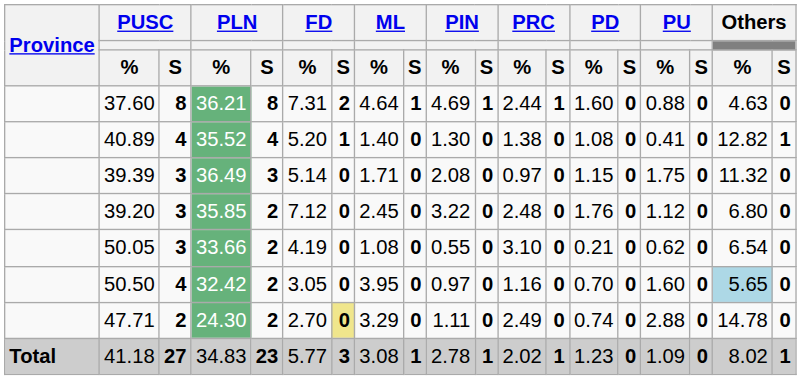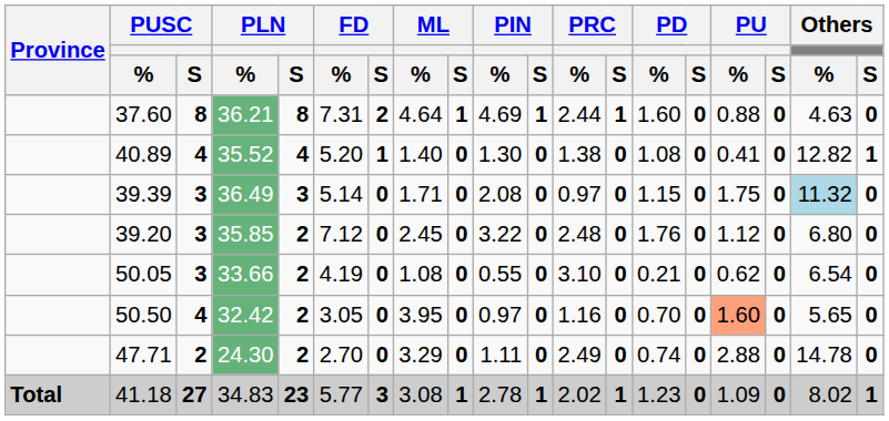 <table class="wikitable sortable" style="text-align:right; font-size:95%; line-height:20px;">
 <tr>
 <th rowspan="3"><a href='#'>Province</a></th>
 <th colspan="2" width="30px"><a href='#'>PUSC</a></th>
 <th colspan="2" width="30px"><a href='#'>PLN</a></th>
 <th colspan="2" width="30px"><a href='#'>FD</a></th>
 <th colspan="2" width="30px"><a href='#'>ML</a></th>
 <th colspan="2" width="30px"><a href='#'>PIN</a></th>
 <th colspan="2" width="30px"><a href='#'>PRC</a></th>
 <th colspan="2" width="30px"><a href='#'>PD</a></th>
 <th colspan="2" width="30px"><a href='#'>PU</a></th>
 <th colspan="2" width="30px">Others</th>
 </tr>
 <tr>
 <th colspan="2" style="background:"></th>
 <th colspan="2" style="background:"></th>
 <th colspan="2" style="background:"></th>
 <th colspan="2" style="background:"></th>
 <th colspan="2" style="background:"></th>
 <th colspan="2" style="background:"></th>
 <th colspan="2" style="background:"></th>
 <th colspan="2" style="background:"></th>
 <th colspan="2" style="background:grey"></th>
 </tr>
 <tr>
 <th data-sort-type="number">%</th>
 <th data-sort-type="number">S</th>
 <th data-sort-type="number">%</th>
 <th data-sort-type="number">S</th>
 <th data-sort-type="number">%</th>
 <th data-sort-type="number">S</th>
 <th data-sort-type="number">%</th>
 <th data-sort-type="number">S</th>
 <th data-sort-type="number">%</th>
 <th data-sort-type="number">S</th>
 <th data-sort-type="number">%</th>
 <th data-sort-type="number">S</th>
 <th data-sort-type="number">%</th>
 <th data-sort-type="number">S</th>
 <th data-sort-type="number">%</th>
 <th data-sort-type="number">S</th>
 <th data-sort-type="number">%</th>
 <th data-sort-type="number">S</th>
 </tr>
 <tr>
 <td align="left"></td>
 <td style="background:">37.60</td>
 <td><strong>8</strong></td>
 <td style="background:#66B27B; color:white;">36.21</td>
 <td><strong>8</strong></td>
 <td>7.31</td>
 <td><strong>2</strong></td>
 <td>4.64</td>
 <td><strong>1</strong></td>
 <td>4.69</td>
 <td><strong>1</strong></td>
 <td>2.44</td>
 <td><strong>1</strong></td>
 <td>1.60</td>
 <td><strong>0</strong></td>
 <td>0.88</td>
 <td><strong>0</strong></td>
 <td>4.63</td>
 <td><strong>0</strong></td>
 </tr>
 <tr>
 <td align="left"></td>
 <td style="background:">40.89</td>
 <td><strong>4</strong></td>
 <td style="background:#66B27B; color:white;">35.52</td>
 <td><strong>4</strong></td>
 <td>5.20</td>
 <td><strong>1</strong></td>
 <td>1.40</td>
 <td><strong>0</strong></td>
 <td>1.30</td>
 <td><strong>0</strong></td>
 <td>1.38</td>
 <td><strong>0</strong></td>
 <td>1.08</td>
 <td><strong>0</strong></td>
 <td>0.41</td>
 <td><strong>0</strong></td>
 <td>12.82</td>
 <td><strong>1</strong></td>
 </tr>
 <tr>
 <td align="left"></td>
 <td style="background:">39.39</td>
 <td><strong>3</strong></td>
 <td style="background:#66B27B; color:white;">36.49</td>
 <td><strong>3</strong></td>
 <td>5.14</td>
 <td><strong>0</strong></td>
 <td>1.71</td>
 <td><strong>0</strong></td>
 <td>2.08</td>
 <td><strong>0</strong></td>
 <td>0.97</td>
 <td><strong>0</strong></td>
 <td>1.15</td>
 <td><strong>0</strong></td>
 <td>1.75</td>
 <td><strong>0</strong></td>
-<td>11.32</td>
+<td style="background: lightblue;">11.32</td>
 <td><strong>0</strong></td>
 </tr>
 <tr>
 <td align="left"></td>
 <td style="background:">39.20</td>
 <td><strong>3</strong></td>
 <td style="background:#66B27B; color:white;">35.85</td>
 <td><strong>2</strong></td>
 <td>7.12</td>
 <td><strong>0</strong></td>
 <td>2.45</td>
 <td><strong>0</strong></td>
 <td>3.22</td>
 <td><strong>0</strong></td>
 <td>2.48</td>
 <td><strong>0</strong></td>
 <td>1.76</td>
 <td><strong>0</strong></td>
 <td>1.12</td>
 <td><strong>0</strong></td>
 <td>6.80</td>
 <td><strong>0</strong></td>
 </tr>
 <tr>
 <td align="left"></td>
 <td style="background:">50.05</td>
 <td><strong>3</strong></td>
 <td style="background:#66B27B; color:white;">33.66</td>
 <td><strong>2</strong></td>
 <td>4.19</td>
 <td><strong>0</strong></td>
 <td>1.08</td>
 <td><strong>0</strong></td>
 <td>0.55</td>
 <td><strong>0</strong></td>
 <td>3.10</td>
 <td><strong>0</strong></td>
 <td>0.21</td>
 <td><strong>0</strong></td>
 <td>0.62</td>
 <td><strong>0</strong></td>
 <td>6.54</td>
 <td><strong>0</strong></td>
 </tr>
 <tr>
 <td align="left"></td>
 <td style="background:">50.50</td>
 <td><strong>4</strong></td>
 <td style="background:#66B27B; color:white;">32.42</td>
 <td><strong>2</strong></td>
 <td>3.05</td>
 <td><strong>0</strong></td>
 <td>3.95</td>
 <td><strong>0</strong></td>
 <td>0.97</td>
 <td><strong>0</strong></td>
 <td>1.16</td>
 <td><strong>0</strong></td>
 <td>0.70</td>
 <td><strong>0</strong></td>
-<td>1.60</td>
+<td style="background: lightsalmon;">1.60</td>
 <td><strong>0</strong></td>
-<td style="background: lightblue;">5.65</td>
+<td>5.65</td>
 <td><strong>0</strong></td>
 </tr>
 <tr>
 <td align="left"></td>
 <td style="background:">47.71</td>
 <td><strong>2</strong></td>
 <td style="background:#66B27B; color:white;">24.30</td>
 <td><strong>2</strong></td>
 <td>2.70</td>
-<td style="background: khaki;"><strong>0</strong></td>
+<td><strong>0</strong></td>
 <td>3.29</td>
 <td><strong>0</strong></td>
 <td>1.11</td>
 <td><strong>0</strong></td>
 <td>2.49</td>
 <td><strong>0</strong></td>
 <td>0.74</td>
 <td><strong>0</strong></td>
 <td>2.88</td>
 <td><strong>0</strong></td>
 <td>14.78</td>
 <td><strong>0</strong></td>
 </tr>
 <tr style="background:#CDCDCD;">
 <td align="left"><strong>Total</strong></td>
 <td style="background:">41.18</td>
 <td><strong>27</strong></td>
 <td>34.83</td>
 <td><strong>23</strong></td>
 <td>5.77</td>
 <td><strong>3</strong></td>
 <td>3.08</td>
 <td><strong>1</strong></td>
 <td>2.78</td>
 <td><strong>1</strong></td>
 <td>2.02</td>
 <td><strong>1</strong></td>
 <td>1.23</td>
 <td><strong>0</strong></td>
 <td>1.09</td>
 <td><strong>0</strong></td>
 <td>8.02</td>
 <td><strong>1</strong></td>
 </tr>
 </table>
